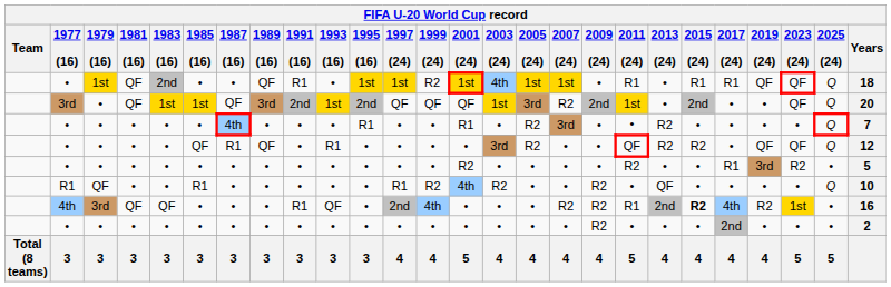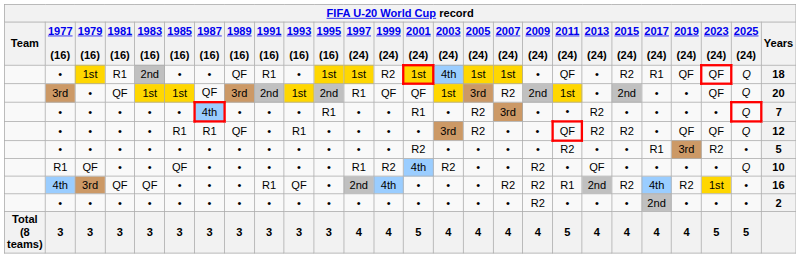 <table class="wikitable" style="text-align:center; font-size:90%">
 <tr style="background:#cccccc;" align=center>
 <th colspan=26><a href='#'>FIFA U-20 World Cup</a> record</th>
 </tr>
 <tr>
 <th width=200>Team</th>
 <th><a href='#'>1977</a><br><br>(16)</th>
 <th><a href='#'>1979</a><br><br>(16)</th>
 <th><a href='#'>1981</a><br><br>(16)</th>
 <th><a href='#'>1983</a><br><br>(16)</th>
 <th><a href='#'>1985</a><br><br>(16)</th>
 <th><a href='#'>1987</a><br><br>(16)</th>
 <th><a href='#'>1989</a><br><br>(16)</th>
 <th><a href='#'>1991</a><br><br>(16)</th>
 <th><a href='#'>1993</a><br><br>(16)</th>
 <th><a href='#'>1995</a><br><br>(16)</th>
 <th><a href='#'>1997</a><br><br>(24)</th>
 <th><a href='#'>1999</a><br><br>(24)</th>
 <th><a href='#'>2001</a><br><br>(24)</th>
 <th><a href='#'>2003</a><br><br>(24)</th>
 <th><a href='#'>2005</a><br><br>(24)</th>
 <th><a href='#'>2007</a><br><br>(24)</th>
 <th><a href='#'>2009</a><br><br>(24)</th>
 <th><a href='#'>2011</a><br><br>(24)</th>
 <th><a href='#'>2013</a><br><br>(24)</th>
 <th><a href='#'>2015</a><br><br>(24)</th>
 <th><a href='#'>2017</a><br><br>(24)</th>
 <th><a href='#'>2019</a><br><br>(24)</th>
 <th><a href='#'>2023</a><br><br>(24)</th>
 <th><a href='#'>2025</a><br><br>(24)</th>
 <th>Years</th>
 </tr>
 <tr align=center>
 <td align=left></td>
 <td>•</td>
 <td bgcolor=gold>1st</td>
-<td>QF</td>
+<td>R1</td>
 <td bgcolor=silver>2nd</td>
 <td>•</td>
 <td>•</td>
 <td>QF</td>
 <td>R1</td>
 <td>•</td>
 <td bgcolor=gold>1st</td>
 <td bgcolor=gold>1st</td>
 <td>R2</td>
 <td style="border: 3px solid red" bgcolor=gold>1st</td>
 <td bgcolor=#9acdff>4th</td>
 <td bgcolor=gold>1st</td>
 <td bgcolor=gold>1st</td>
 <td>•</td>
-<td>R1</td>
+<td>QF</td>
 <td>•</td>
-<td>R1</td>
+<td>R2</td>
 <td>R1</td>
 <td>QF</td>
 <td style="border: 3px solid red">QF</td>
 <td><em>Q</em></td>
 <th>18</th>
 </tr>
 <tr align=center>
 <td align=left></td>
 <td bgcolor=#cc9966>3rd</td>
 <td>•</td>
 <td>QF</td>
 <td bgcolor=gold>1st</td>
 <td bgcolor=gold>1st</td>
 <td>QF</td>
 <td bgcolor=#cc9966>3rd</td>
 <td bgcolor=silver>2nd</td>
 <td bgcolor=gold>1st</td>
 <td bgcolor=silver>2nd</td>
-<td>QF</td>
+<td>R1</td>
 <td>QF</td>
 <td>QF</td>
 <td bgcolor=gold>1st</td>
 <td bgcolor=#cc9966>3rd</td>
 <td>R2</td>
 <td bgcolor=silver>2nd</td>
 <td bgcolor=gold>1st</td>
 <td>•</td>
 <td bgcolor=silver>2nd</td>
 <td>•</td>
 <td>•</td>
 <td>QF</td>
 <td><em>Q</em></td>
 <th>20</th>
 </tr>
 <tr align=center>
 <td align=left></td>
 <td>•</td>
 <td>•</td>
 <td>•</td>
 <td>•</td>
 <td>•</td>
 <td style="border: 3px solid red" bgcolor=#9acdff>4th</td>
 <td>•</td>
 <td>•</td>
 <td>•</td>
 <td>R1</td>
 <td>•</td>
 <td>•</td>
 <td>R1</td>
 <td>•</td>
 <td>R2</td>
 <td bgcolor=#cc9966>3rd</td>
 <td>•</td>
 <td>•</td>
 <td>R2</td>
 <td>•</td>
 <td>•</td>
 <td>•</td>
 <td>•</td>
 <td style="border: 3px solid red"><em>Q</em></td>
 <th>7</th>
 </tr>
 <tr align=center>
 <td align=left></td>
 <td>•</td>
 <td>•</td>
 <td>•</td>
 <td>•</td>
-<td>QF</td>
+<td>R1</td>
 <td>R1</td>
 <td>QF</td>
 <td>•</td>
 <td>R1</td>
 <td>•</td>
 <td>•</td>
 <td>•</td>
 <td>•</td>
 <td bgcolor=#cc9966>3rd</td>
 <td>R2</td>
 <td>•</td>
 <td>•</td>
 <td style="border: 3px solid red">QF</td>
 <td>R2</td>
 <td>R2</td>
 <td>•</td>
 <td>QF</td>
 <td>QF</td>
 <td><em>Q</em></td>
 <th>12</th>
 </tr>
 <tr align=center>
 <td align=left></td>
 <td>•</td>
 <td>•</td>
 <td>•</td>
 <td>•</td>
 <td>•</td>
 <td>•</td>
 <td>•</td>
 <td>•</td>
 <td>•</td>
 <td>•</td>
 <td>•</td>
 <td>•</td>
 <td>R2</td>
 <td>•</td>
 <td>•</td>
 <td>•</td>
 <td>•</td>
 <td>R2</td>
 <td>•</td>
 <td>•</td>
 <td>R1</td>
 <td bgcolor=#cc9966>3rd</td>
 <td>R2</td>
 <td>•</td>
 <th>5</th>
 </tr>
 <tr align=center>
 <td align=left></td>
 <td>R1</td>
 <td>QF</td>
 <td>•</td>
 <td>•</td>
-<td>R1</td>
+<td>QF</td>
 <td>•</td>
 <td>•</td>
 <td>•</td>
 <td>•</td>
 <td>•</td>
 <td>R1</td>
 <td>R2</td>
 <td bgcolor=#9acdff>4th</td>
 <td>R2</td>
 <td>•</td>
 <td>•</td>
 <td>R2</td>
 <td>•</td>
 <td>QF</td>
 <td>•</td>
 <td>•</td>
 <td>•</td>
 <td>•</td>
 <td><em>Q</em></td>
 <th>10</th>
 </tr>
 <tr align=center>
 <td align=left></td>
 <td bgcolor=#9acdff>4th</td>
 <td bgcolor=#cc9966>3rd</td>
 <td>QF</td>
 <td>QF</td>
 <td>•</td>
 <td>•</td>
 <td>•</td>
 <td>R1</td>
 <td>QF</td>
 <td>•</td>
 <td bgcolor=silver>2nd</td>
 <td bgcolor=#9acdff>4th</td>
 <td>•</td>
 <td>•</td>
 <td>•</td>
 <td>R2</td>
 <td>R2</td>
 <td>R1</td>
 <td bgcolor=silver>2nd</td>
-<td><strong>R2</strong></td>
+<td>R2</td>
 <td bgcolor=#9acdff>4th</td>
 <td>R2</td>
 <td bgcolor=gold>1st</td>
 <td>•</td>
 <th>16</th>
 </tr>
 <tr align=center>
 <td align=left></td>
 <td>•</td>
 <td>•</td>
 <td>•</td>
 <td>•</td>
 <td>•</td>
 <td>•</td>
 <td>•</td>
 <td>•</td>
 <td>•</td>
 <td>•</td>
 <td>•</td>
 <td>•</td>
 <td>•</td>
 <td>•</td>
 <td>•</td>
 <td>•</td>
 <td>R2</td>
 <td>•</td>
 <td>•</td>
 <td>•</td>
 <td bgcolor=silver>2nd</td>
 <td>•</td>
 <td>•</td>
 <td>•</td>
 <th>2</th>
 </tr>
 <tr>
 <th align=left><strong>Total (8 teams)</strong></th>
 <th><strong>3</strong></th>
 <th><strong>3</strong></th>
 <th><strong>3</strong></th>
 <th><strong>3</strong></th>
 <th><strong>3</strong></th>
 <th><strong>3</strong></th>
 <th><strong>3</strong></th>
 <th><strong>3</strong></th>
 <th><strong>3</strong></th>
 <th><strong>3</strong></th>
 <th><strong>4</strong></th>
 <th><strong>4</strong></th>
 <th><strong>5</strong></th>
 <th><strong>4</strong></th>
 <th><strong>4</strong></th>
 <th><strong>4</strong></th>
 <th><strong>4</strong></th>
 <th><strong>5</strong></th>
 <th><strong>4</strong></th>
 <th><strong>4</strong></th>
 <th><strong>4</strong></th>
 <th><strong>4</strong></th>
 <th><strong>5</strong></th>
 <th><strong>5</strong></th>
 <th></th>
 </tr>
 </table>
